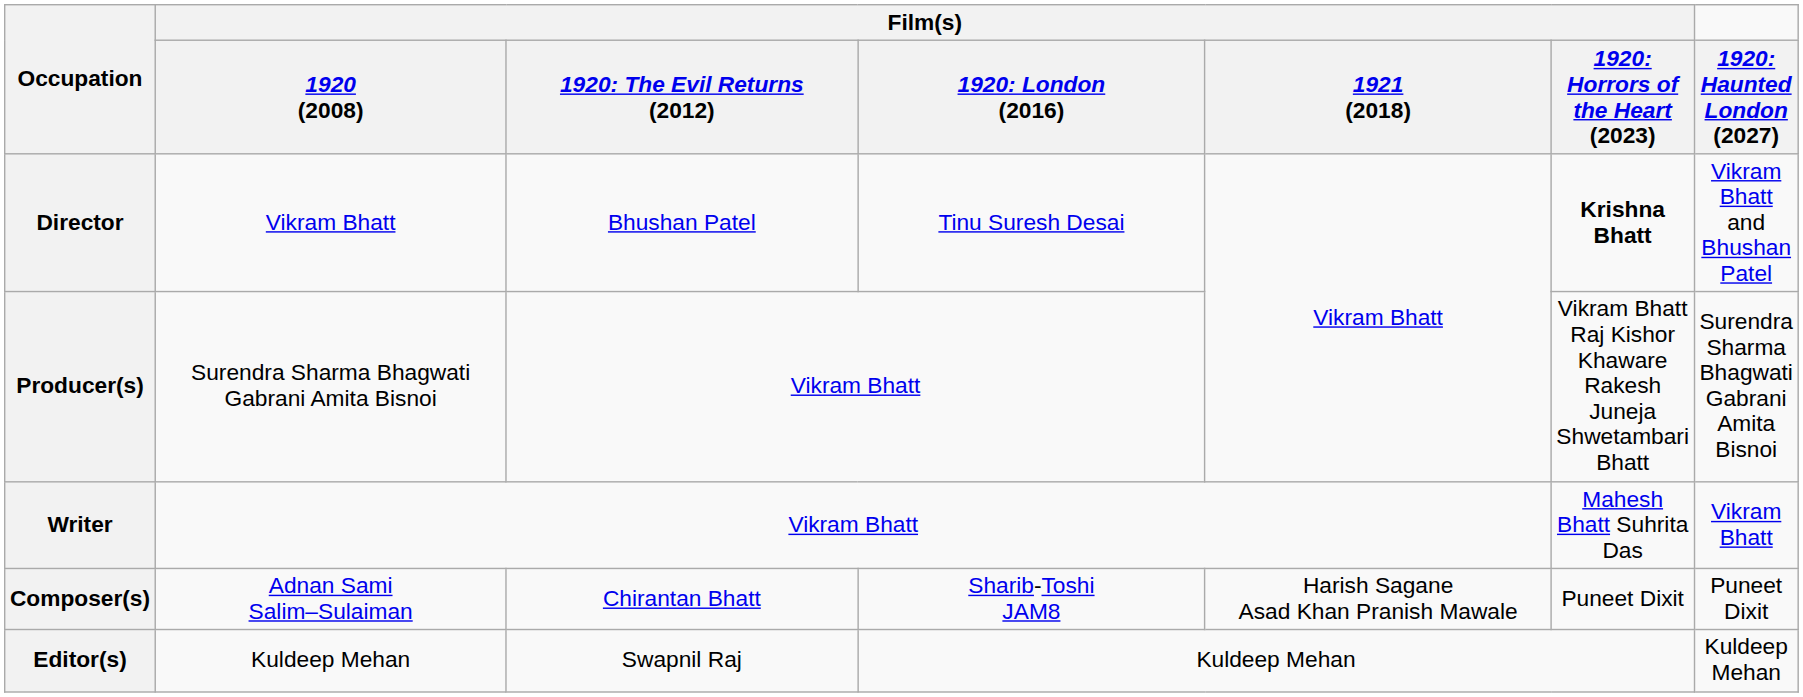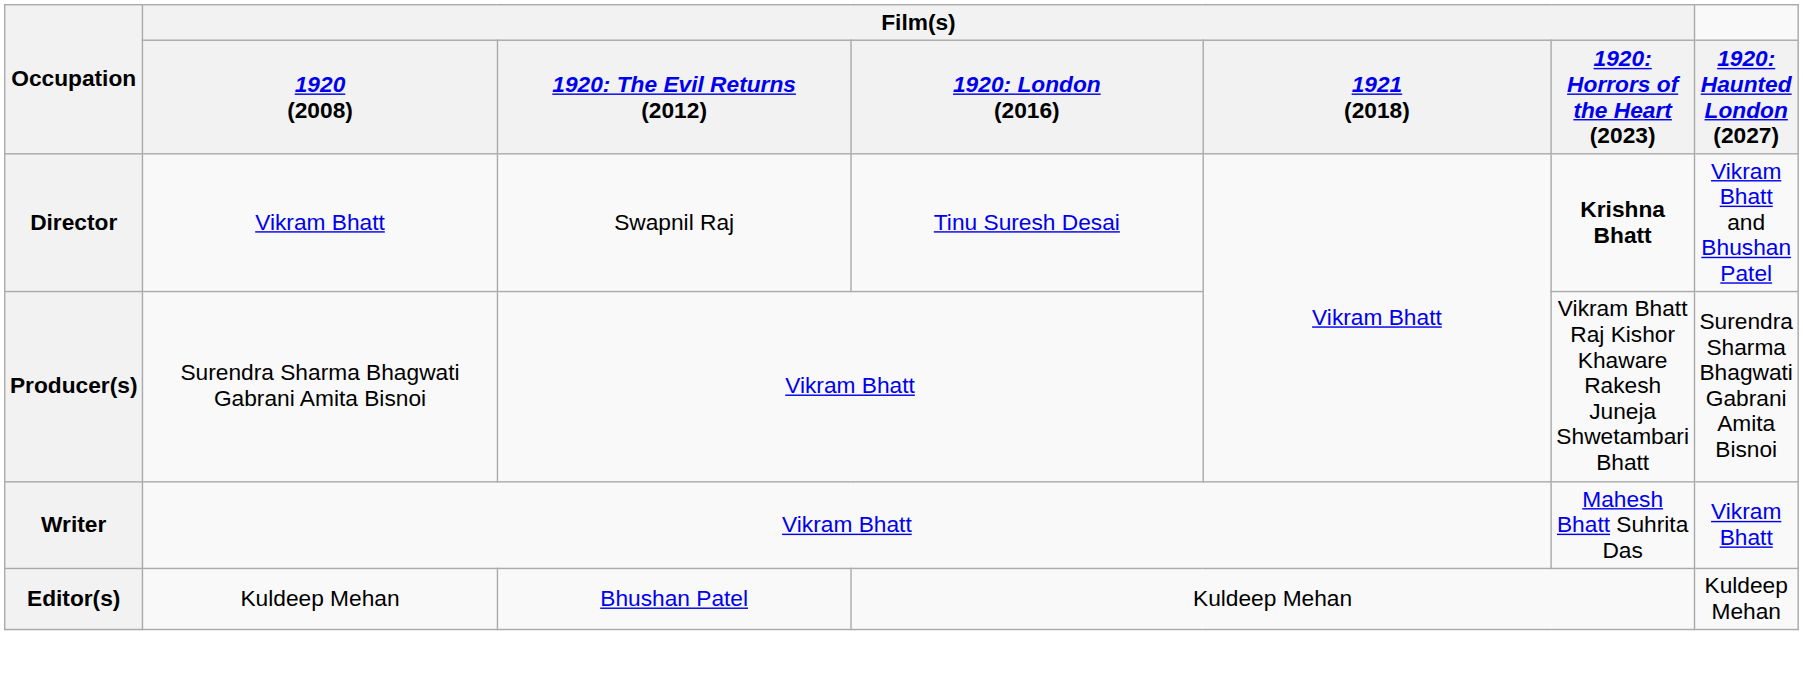 <table class="wikitable" style="text-align:center;" width="100%">
 <tr>
 <th rowspan=2>Occupation</th>
 <th colspan=5>Film(s)</th>
 </tr>
 <tr>
 <th style="width:25%"><em><a href='#'>1920</a></em><br>(2008)</th>
 <th style="width:25%"><em><a href='#'>1920: The Evil Returns</a></em><br>(2012)</th>
 <th style="width:25%"><em><a href='#'>1920: London</a></em><br>(2016)</th>
 <th style="width:25%"><em><a href='#'>1921</a></em><br>(2018)</th>
 <th style="width:25%"><em><a href='#'>1920: Horrors of the Heart</a></em><br>(2023)</th>
 <th style"=width:25%"><em><a href='#'>1920: Haunted London</a></em><br> (2027)</th>
 </tr>
 <tr>
 <th>Director</th>
 <td><a href='#'>Vikram Bhatt</a></td>
-<td><a href='#'>Bhushan Patel</a></td>
+<td>Swapnil Raj</td>
 <td><a href='#'>Tinu Suresh Desai</a></td>
 <td rowspan="2"><a href='#'>Vikram Bhatt</a></td>
 <td><strong>Krishna Bhatt</strong></td>
 <td><a href='#'>Vikram Bhatt</a> and <a href='#'>Bhushan Patel</a></td>
 </tr>
 <tr>
 <th>Producer(s)</th>
 <td>Surendra Sharma Bhagwati Gabrani  Amita Bisnoi</td>
 <td colspan="2"><a href='#'>Vikram Bhatt</a></td>
 <td>Vikram Bhatt  Raj Kishor Khaware  Rakesh Juneja  Shwetambari Bhatt</td>
 <td>Surendra Sharma Bhagwati Gabrani Amita Bisnoi</td>
 </tr>
 <tr>
 <th>Writer</th>
 <td colspan="4"><a href='#'>Vikram Bhatt</a></td>
 <td><a href='#'>Mahesh Bhatt</a>  Suhrita Das</td>
 <td><a href='#'>Vikram Bhatt</a></td>
 </tr>
 <tr>
-<th>Composer(s)</th>
-<td><a href='#'>Adnan Sami</a><br><a href='#'>Salim–Sulaiman</a></td>
-<td><a href='#'>Chirantan Bhatt</a></td>
-<td><a href='#'>Sharib</a>-<a href='#'>Toshi</a><br><a href='#'>JAM8</a></td>
-<td>Harish Sagane<br>Asad Khan Pranish Mawale</td>
-<td>Puneet Dixit</td>
-<td>Puneet Dixit</td>
-</tr>
-<tr>
 <th>Editor(s)</th>
 <td>Kuldeep Mehan</td>
-<td>Swapnil Raj</td>
+<td><a href='#'>Bhushan Patel</a></td>
 <td colspan="3">Kuldeep Mehan</td>
 <td>Kuldeep Mehan</td>
 </tr>
 </table>
